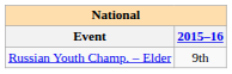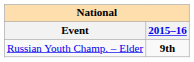 <table class="wikitable" style="text-align:center">
 <tr>
 <th style="background-color: #ffdead; " colspan=2 align=center>National</th>
 </tr>
 <tr>
 <th>Event</th>
 <th><a href='#'>2015–16</a></th>
 </tr>
 <tr>
 <td align=left><a href='#'>Russian Youth Champ. – Elder</a></td>
-<td>9th</td>
+<td><strong>9th</strong></td>
 </tr>
 </table>
